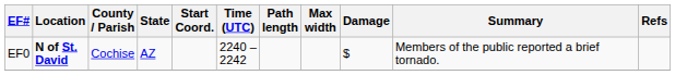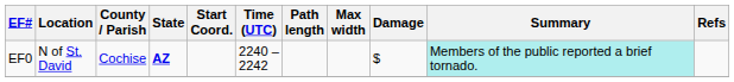 <table class="wikitable sortable" style="width:100%;">
 <tr>
 <th scope="col" width="3%" align="center"><a href='#'>EF#</a></th>
 <th scope="col" width="7%" align="center" class="unsortable">Location</th>
 <th scope="col" width="6%" align="center" class="unsortable">County / Parish</th>
 <th scope="col" width="5%" align="center">State</th>
 <th scope="col" width="6%" align="center">Start Coord.</th>
 <th scope="col" width="6%" align="center">Time (<a href='#'>UTC</a>)</th>
 <th scope="col" width="6%" align="center">Path length</th>
 <th scope="col" width="6%" align="center">Max width</th>
 <th scope="col" width="6%" align="center">Damage</th>
 <th scope="col" width="48%" class="unsortable" align="center">Summary</th>
 <th scope="col" width="48%" class="unsortable" align="center">Refs</th>
 </tr>
 <tr>
 <td>EF0</td>
-<td><strong>N of <a href='#'>St. David</a></strong></td>
+<td>N of <a href='#'>St. David</a></td>
 <td><a href='#'>Cochise</a></td>
-<td><a href='#'>AZ</a></td>
+<td><strong><a href='#'>AZ</a></strong></td>
 <td></td>
 <td>2240 – 2242</td>
 <td></td>
 <td></td>
 <td>$</td>
-<td>Members of the public reported a brief tornado.</td>
+<td style="background: paleturquoise;">Members of the public reported a brief tornado.</td>
 <td></td>
 </tr>
 <tr>
 </tr>
 </table>
